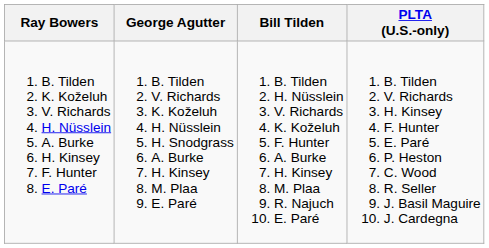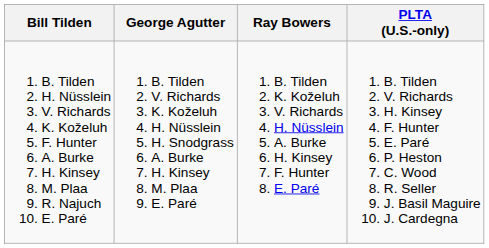 <table class="wikitable">
 <tr>
+<th>Bill Tilden</th>
+<th>George Agutter</th>
 <th>Ray Bowers</th>
-<th>George Agutter</th>
-<th>Bill Tilden</th>
 <th><a href='#'>PLTA</a><br>(U.S.-only)</th>
 </tr>
 <tr style="vertical-align: top;">
+<td style="white-space: nowrap;"><br><ol><li> B. Tilden</li><li> H. Nüsslein</li><li> V. Richards</li><li> K. Koželuh</li><li> F. Hunter</li><li> A. Burke</li><li> H. Kinsey</li><li> M. Plaa</li><li> R. Najuch</li><li> E. Paré</li></ol></td>
+<td style="white-space: nowrap;"><br><ol><li> B. Tilden</li><li> V. Richards</li><li> K. Koželuh</li><li> H. Nüsslein</li><li> H. Snodgrass</li><li> A. Burke</li><li> H. Kinsey</li><li> M. Plaa</li><li> E. Paré</li></ol></td>
 <td style="white-space: nowrap;"><br><ol><li> B. Tilden</li><li> K. Koželuh</li><li> V. Richards</li><li> <a href='#'>H. Nüsslein</a></li><li> A. Burke</li><li> H. Kinsey</li><li> F. Hunter</li><li> <a href='#'>E. Paré</a></li></ol></td>
-<td style="white-space: nowrap;"><br><ol><li> B. Tilden</li><li> V. Richards</li><li> K. Koželuh</li><li> H. Nüsslein</li><li> H. Snodgrass</li><li> A. Burke</li><li> H. Kinsey</li><li> M. Plaa</li><li> E. Paré</li></ol></td>
-<td style="white-space: nowrap;"><br><ol><li> B. Tilden</li><li> H. Nüsslein</li><li> V. Richards</li><li> K. Koželuh</li><li> F. Hunter</li><li> A. Burke</li><li> H. Kinsey</li><li> M. Plaa</li><li> R. Najuch</li><li> E. Paré</li></ol></td>
 <td style="white-space: nowrap;"><br><ol><li> B. Tilden</li><li> V. Richards</li><li> H. Kinsey</li><li> F. Hunter</li><li> E. Paré</li><li> P. Heston</li><li> C. Wood</li><li> R. Seller</li><li> J. Basil Maguire</li><li> J. Cardegna</li></ol></td>
 </tr>
 </table>
